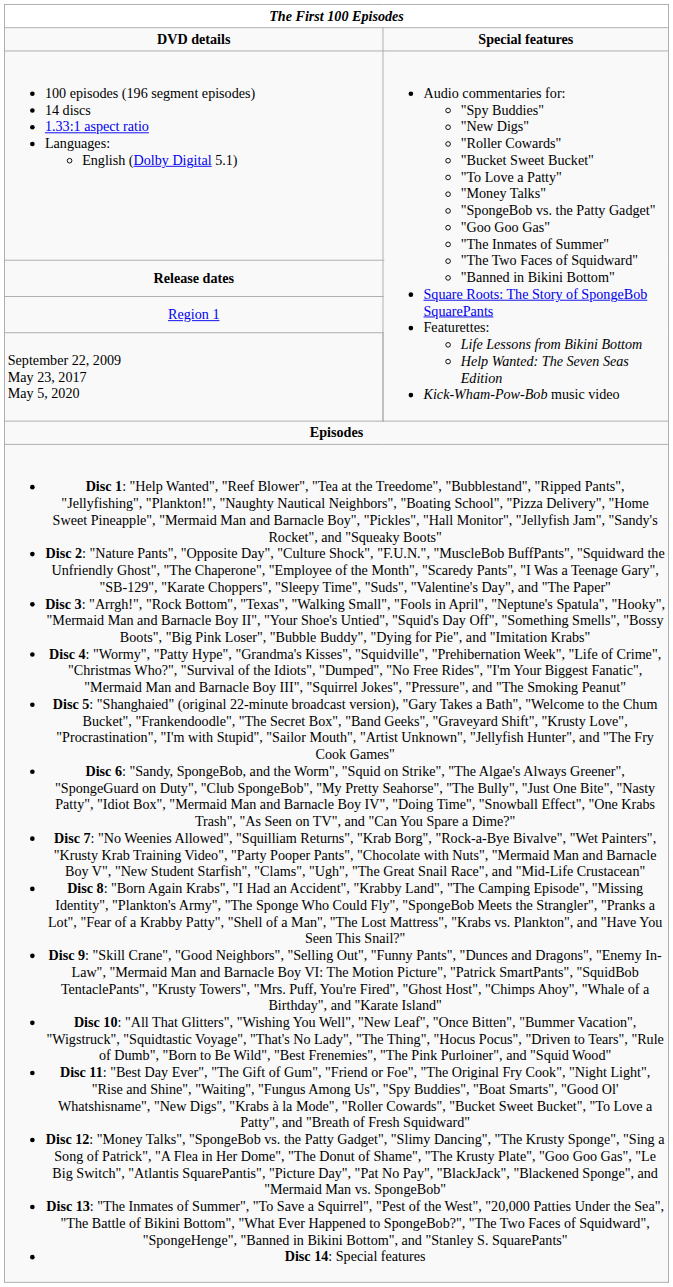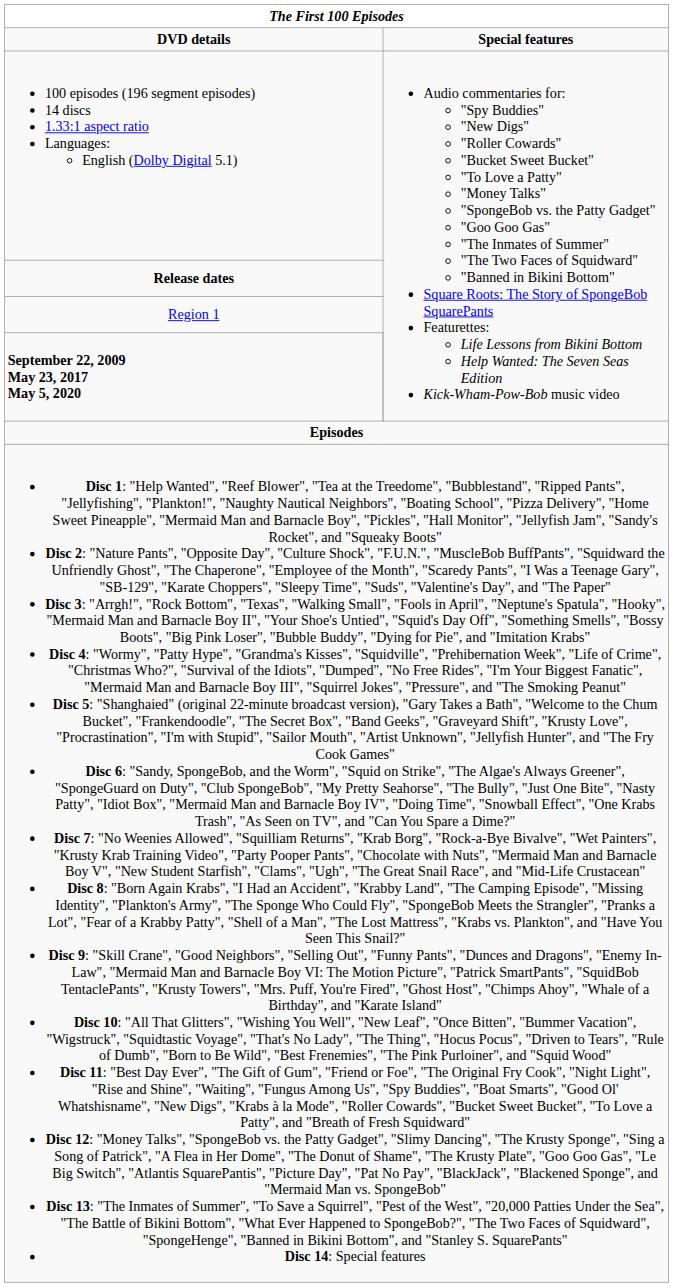 <table class="wikitable" style="font-size: 95%;">
 <tr style="background:#FFF; color:#000;">
 <td colspan="4" align="center"><strong><em>The First 100 Episodes</em></strong></td>
 </tr>
 <tr valign="top">
 <td style="text-align:center; width:400px;" colspan="3"><strong>DVD details</strong></td>
 <td style="width:300px; text-align:center;"><strong>Special features</strong></td>
 </tr>
 <tr valign="top">
 <td colspan="3" style="text-align:left; width:400px;"><br><ul><li>100 episodes (196 segment episodes)</li><li>14 discs</li><li><a href='#'>1.33:1 aspect ratio</a></li><li>Languages:<ul><li>English (<a href='#'>Dolby Digital</a> 5.1)</li></ul></li></ul></td>
 <td rowspan="4" style="text-align:left; width:300px;"><br><ul><li>Audio commentaries for:<ul><li>"Spy Buddies"</li><li>"New Digs"</li><li>"Roller Cowards"</li><li>"Bucket Sweet Bucket"</li><li>"To Love a Patty"</li><li>"Money Talks"</li><li>"SpongeBob vs. the Patty Gadget"</li><li>"Goo Goo Gas"</li><li>"The Inmates of Summer"</li><li>"The Two Faces of Squidward"</li><li>"Banned in Bikini Bottom"</li></ul></li><li><a href='#'>Square Roots: The Story of SpongeBob SquarePants</a></li><li>Featurettes:<ul><li><em>Life Lessons from Bikini Bottom</em></li><li><em>Help Wanted: The Seven Seas Edition</em></li></ul></li><li><em>Kick-Wham-Pow-Bob</em> music video</li></ul></td>
 </tr>
 <tr>
 <td colspan="3" style="text-align:center;"><strong>Release dates</strong></td>
 </tr>
 <tr>
 <td colspan="3" style="text-align:center;"><a href='#'>Region 1</a></td>
 </tr>
 <tr>
-<td>September 22, 2009<br>May 23, 2017<br>May 5, 2020</td>
+<td><strong>September 22, 2009<br>May 23, 2017<br>May 5, 2020</strong></td>
 </tr>
 <tr>
 <td style="text-align:center; width:400px;" colspan="4"><strong>Episodes</strong></td>
 </tr>
 <tr>
 <td style="text-align:center; width:400px;" colspan="4"><br><ul><li><strong>Disc 1</strong>: "Help Wanted", "Reef Blower", "Tea at the Treedome", "Bubblestand", "Ripped Pants", "Jellyfishing", "Plankton!", "Naughty Nautical Neighbors", "Boating School", "Pizza Delivery", "Home Sweet Pineapple", "Mermaid Man and Barnacle Boy", "Pickles", "Hall Monitor", "Jellyfish Jam", "Sandy's Rocket", and "Squeaky Boots"</li><li><strong>Disc 2</strong>: "Nature Pants", "Opposite Day", "Culture Shock", "F.U.N.", "MuscleBob BuffPants", "Squidward the Unfriendly Ghost", "The Chaperone", "Employee of the Month", "Scaredy Pants", "I Was a Teenage Gary", "SB-129", "Karate Choppers", "Sleepy Time", "Suds", "Valentine's Day", and "The Paper"</li><li><strong>Disc 3</strong>: "Arrgh!", "Rock Bottom", "Texas", "Walking Small", "Fools in April", "Neptune's Spatula", "Hooky", "Mermaid Man and Barnacle Boy II", "Your Shoe's Untied", "Squid's Day Off", "Something Smells", "Bossy Boots", "Big Pink Loser", "Bubble Buddy", "Dying for Pie", and "Imitation Krabs"</li><li><strong>Disc 4</strong>: "Wormy", "Patty Hype", "Grandma's Kisses", "Squidville", "Prehibernation Week", "Life of Crime", "Christmas Who?", "Survival of the Idiots", "Dumped", "No Free Rides", "I'm Your Biggest Fanatic", "Mermaid Man and Barnacle Boy III", "Squirrel Jokes", "Pressure", and "The Smoking Peanut"</li><li><strong>Disc 5</strong>: "Shanghaied" (original 22-minute broadcast version), "Gary Takes a Bath", "Welcome to the Chum Bucket", "Frankendoodle", "The Secret Box", "Band Geeks", "Graveyard Shift", "Krusty Love", "Procrastination", "I'm with Stupid", "Sailor Mouth", "Artist Unknown", "Jellyfish Hunter", and "The Fry Cook Games"</li><li><strong>Disc 6</strong>: "Sandy, SpongeBob, and the Worm", "Squid on Strike", "The Algae's Always Greener", "SpongeGuard on Duty", "Club SpongeBob", "My Pretty Seahorse", "The Bully", "Just One Bite", "Nasty Patty", "Idiot Box", "Mermaid Man and Barnacle Boy IV", "Doing Time", "Snowball Effect", "One Krabs Trash", "As Seen on TV", and "Can You Spare a Dime?"</li><li><strong>Disc 7</strong>: "No Weenies Allowed", "Squilliam Returns", "Krab Borg", "Rock-a-Bye Bivalve", "Wet Painters", "Krusty Krab Training Video", "Party Pooper Pants", "Chocolate with Nuts", "Mermaid Man and Barnacle Boy V", "New Student Starfish", "Clams", "Ugh", "The Great Snail Race", and "Mid-Life Crustacean"</li><li><strong>Disc 8</strong>: "Born Again Krabs", "I Had an Accident", "Krabby Land", "The Camping Episode", "Missing Identity", "Plankton's Army", "The Sponge Who Could Fly", "SpongeBob Meets the Strangler", "Pranks a Lot", "Fear of a Krabby Patty", "Shell of a Man", "The Lost Mattress", "Krabs vs. Plankton", and "Have You Seen This Snail?"</li><li><strong>Disc 9</strong>: "Skill Crane", "Good Neighbors", "Selling Out", "Funny Pants", "Dunces and Dragons", "Enemy In-Law", "Mermaid Man and Barnacle Boy VI: The Motion Picture", "Patrick SmartPants", "SquidBob TentaclePants", "Krusty Towers", "Mrs. Puff, You're Fired", "Ghost Host", "Chimps Ahoy", "Whale of a Birthday", and "Karate Island"</li><li><strong>Disc 10</strong>: "All That Glitters", "Wishing You Well", "New Leaf", "Once Bitten", "Bummer Vacation", "Wigstruck", "Squidtastic Voyage", "That's No Lady", "The Thing", "Hocus Pocus", "Driven to Tears", "Rule of Dumb", "Born to Be Wild", "Best Frenemies", "The Pink Purloiner", and "Squid Wood"</li><li><strong>Disc 11</strong>: "Best Day Ever", "The Gift of Gum", "Friend or Foe", "The Original Fry Cook", "Night Light", "Rise and Shine", "Waiting", "Fungus Among Us", "Spy Buddies", "Boat Smarts", "Good Ol' Whatshisname", "New Digs", "Krabs à la Mode", "Roller Cowards", "Bucket Sweet Bucket", "To Love a Patty", and "Breath of Fresh Squidward"</li><li><strong>Disc 12</strong>: "Money Talks", "SpongeBob vs. the Patty Gadget", "Slimy Dancing", "The Krusty Sponge", "Sing a Song of Patrick", "A Flea in Her Dome", "The Donut of Shame", "The Krusty Plate", "Goo Goo Gas", "Le Big Switch", "Atlantis SquarePantis", "Picture Day", "Pat No Pay", "BlackJack", "Blackened Sponge", and "Mermaid Man vs. SpongeBob"</li><li><strong>Disc 13</strong>: "The Inmates of Summer", "To Save a Squirrel", "Pest of the West", "20,000 Patties Under the Sea", "The Battle of Bikini Bottom", "What Ever Happened to SpongeBob?", "The Two Faces of Squidward", "SpongeHenge", "Banned in Bikini Bottom", and "Stanley S. SquarePants"</li><li><strong>Disc 14</strong>: Special features</li></ul></td>
 </tr>
 </table>
